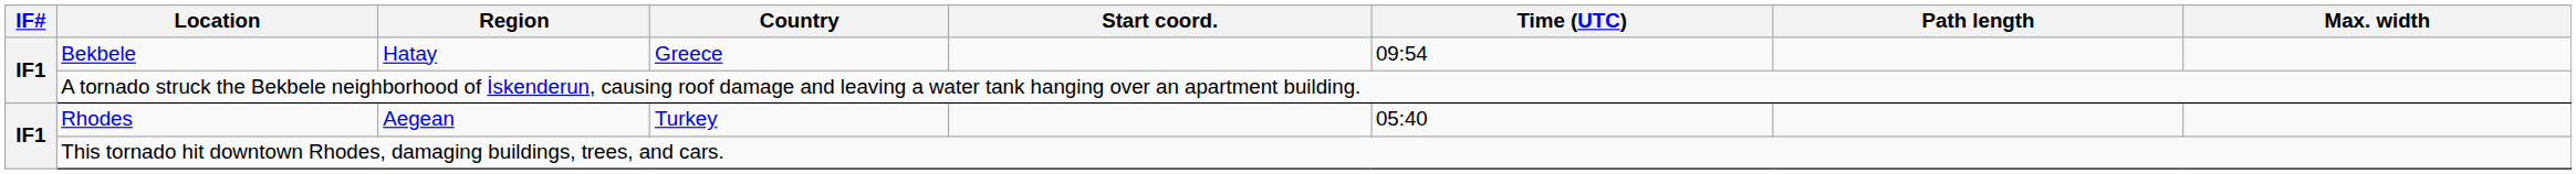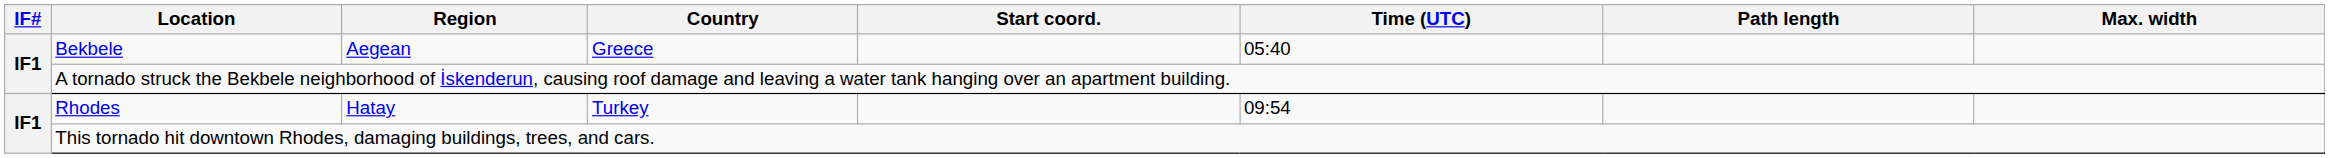 <table class="wikitable sortable" style="width:100%;">
 <tr>
 <th scope="col" width="2%" align="center"><a href='#'>IF#</a></th>
 <th scope="col" align="center" class="unsortable">Location</th>
 <th scope="col" align="center" class="unsortable">Region</th>
 <th scope="col" align="center">Country</th>
 <th scope="col" align="center">Start coord.</th>
 <th scope="col" align="center">Time (<a href='#'>UTC</a>)</th>
 <th scope="col" align="center">Path length</th>
 <th scope="col" align="center">Max. width</th>
 </tr>
 <tr>
 <th scope="row" rowspan="2" style="background-color:#">IF1</th>
 <td><a href='#'>Bekbele</a></td>
-<td><a href='#'>Hatay</a></td>
+<td><a href='#'>Aegean</a></td>
 <td><a href='#'>Greece</a></td>
 <td></td>
-<td>09:54</td>
+<td>05:40</td>
 <td></td>
 <td></td>
 </tr>
 <tr class="expand-child">
 <td colspan="8" style=" border-bottom: 1px solid black;">A tornado struck the Bekbele neighborhood of <a href='#'>İskenderun</a>, causing roof damage and leaving a water tank hanging over an apartment building.</td>
 </tr>
 <tr>
 <th scope="row" rowspan="2" style="background-color:#">IF1</th>
 <td><a href='#'>Rhodes</a></td>
-<td><a href='#'>Aegean</a></td>
+<td><a href='#'>Hatay</a></td>
 <td><a href='#'>Turkey</a></td>
 <td></td>
-<td>05:40</td>
+<td>09:54</td>
 <td></td>
 <td></td>
 </tr>
 <tr class="expand-child">
 <td colspan="8" style=" border-bottom: 1px solid black;">This tornado hit downtown Rhodes, damaging buildings, trees, and cars.</td>
 </tr>
 </table>
